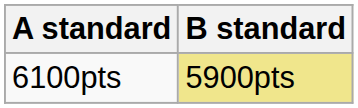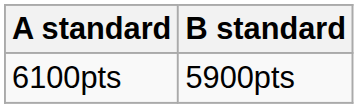 <table class="wikitable" border="1" align="upright">
 <tr>
 <th>A standard</th>
 <th>B standard</th>
 </tr>
 <tr>
 <td>6100pts</td>
-<td style="background: khaki;">5900pts</td>
+<td>5900pts</td>
 </tr>
 </table>
